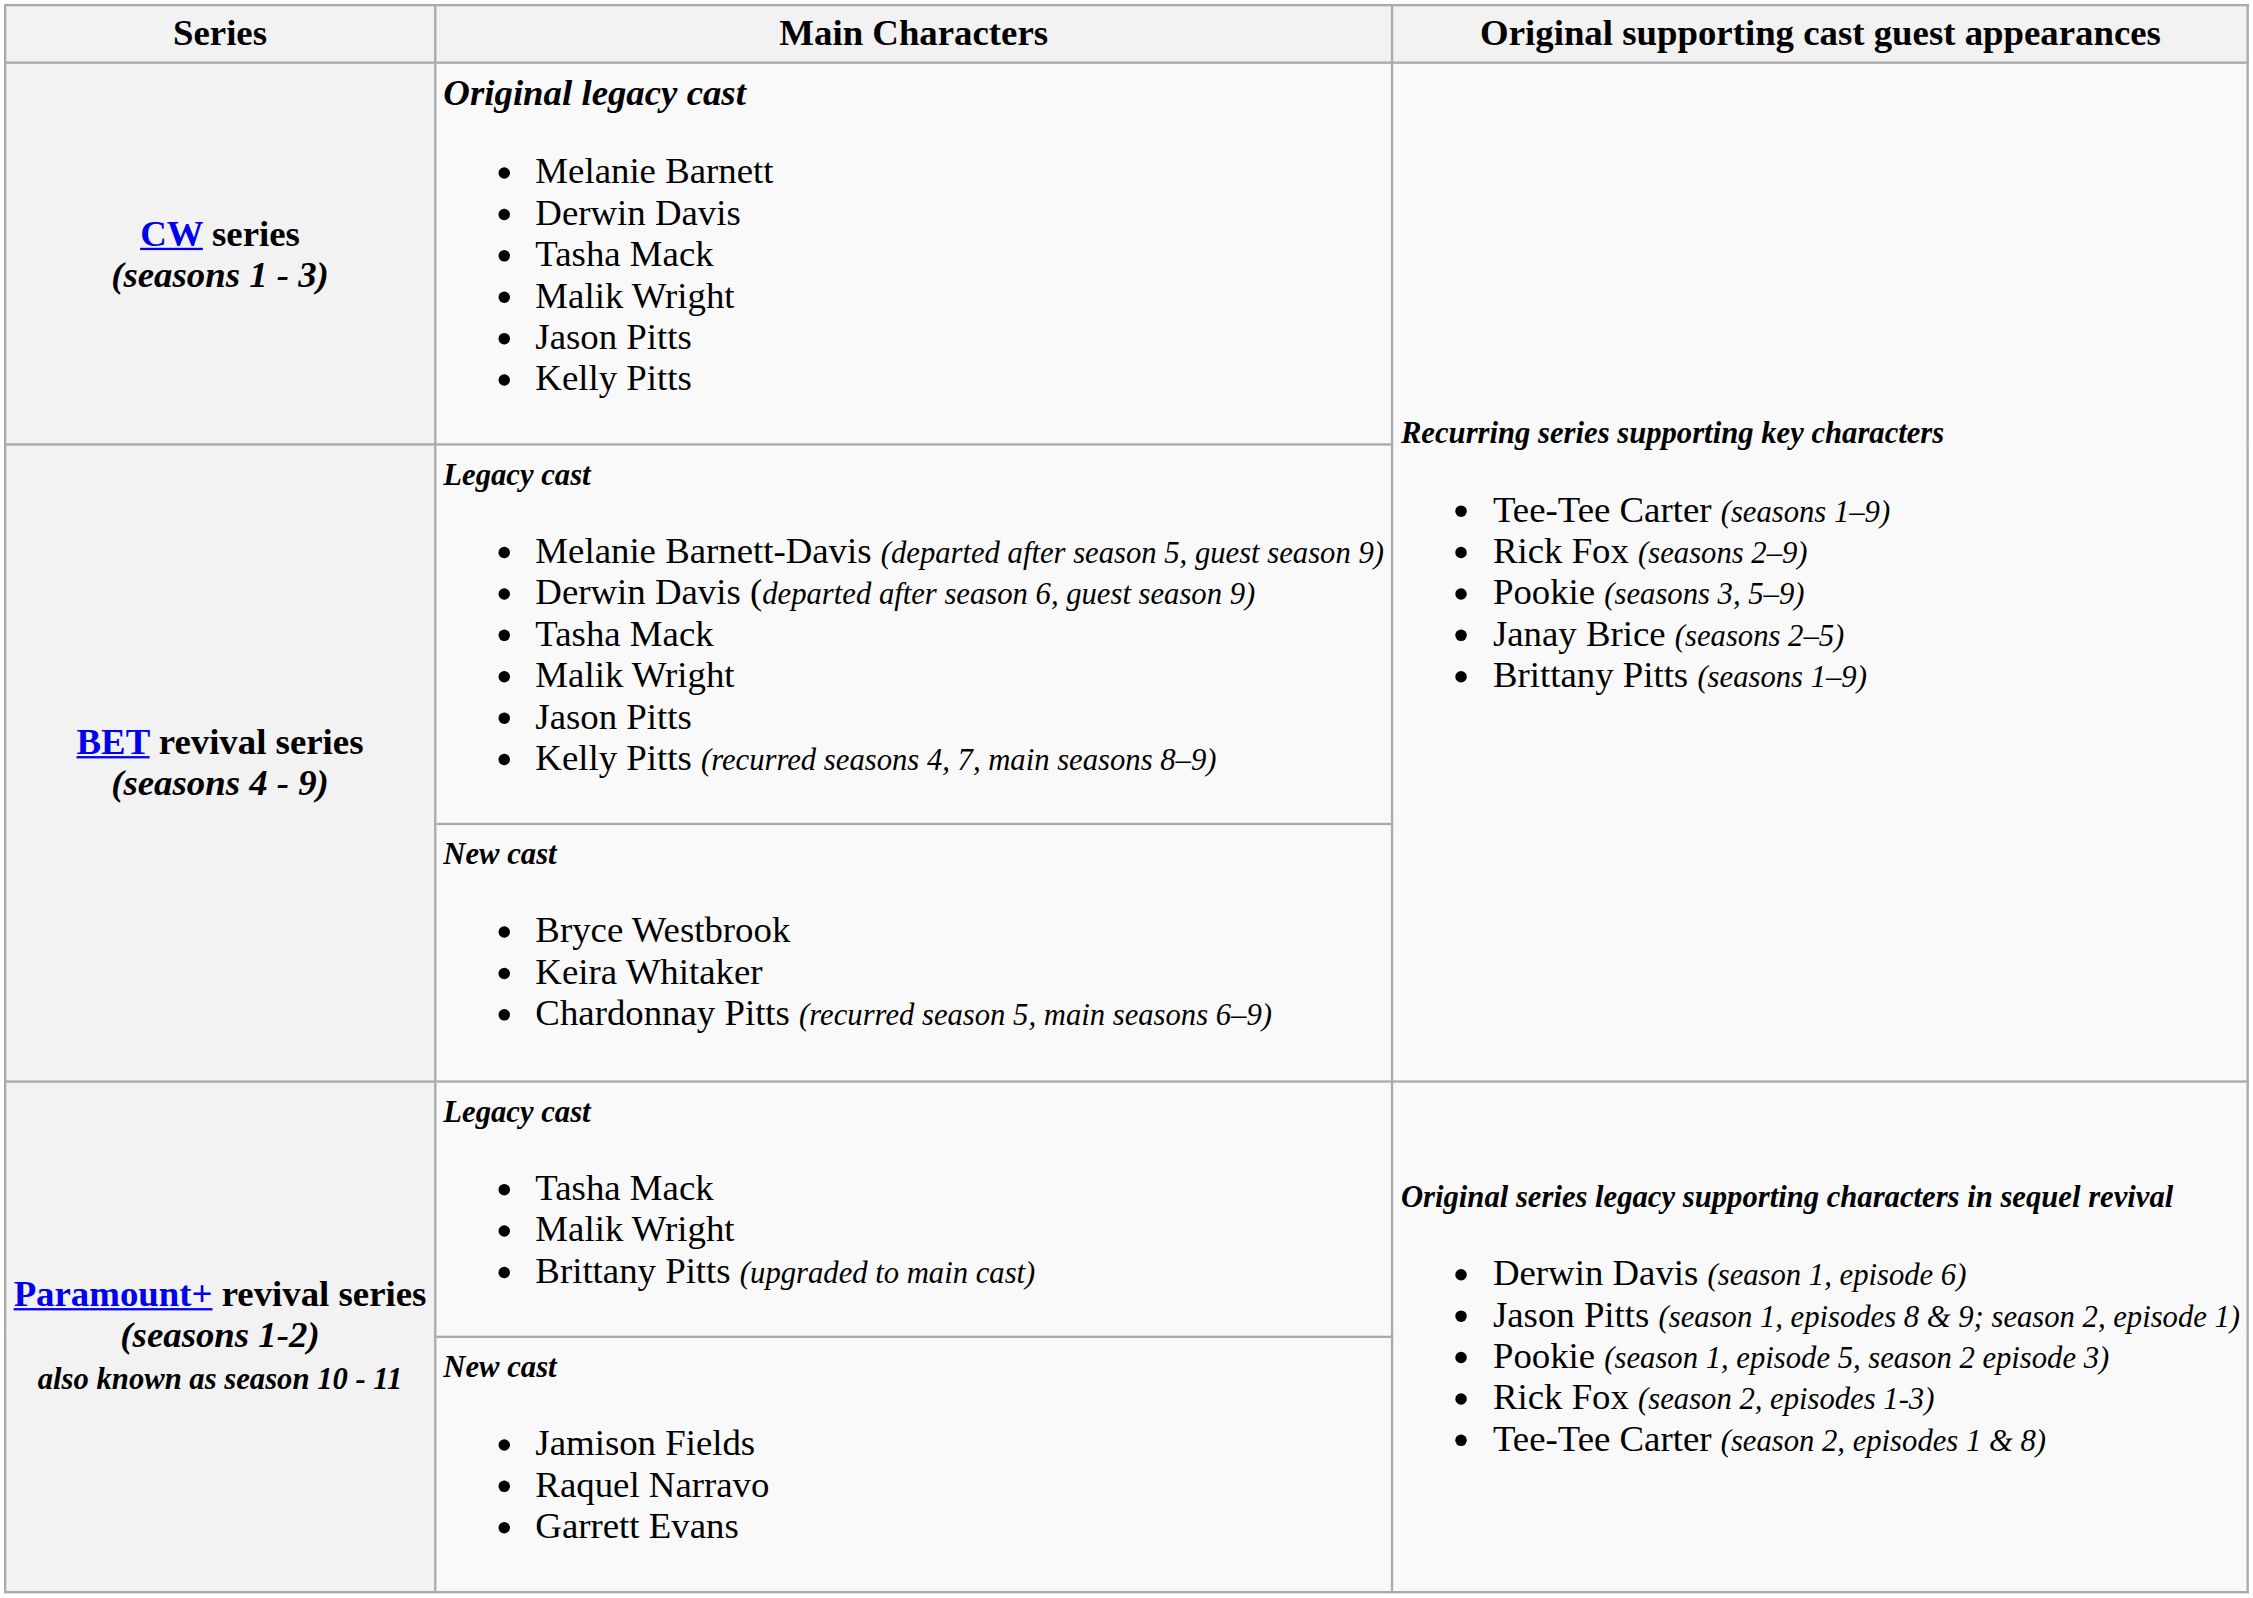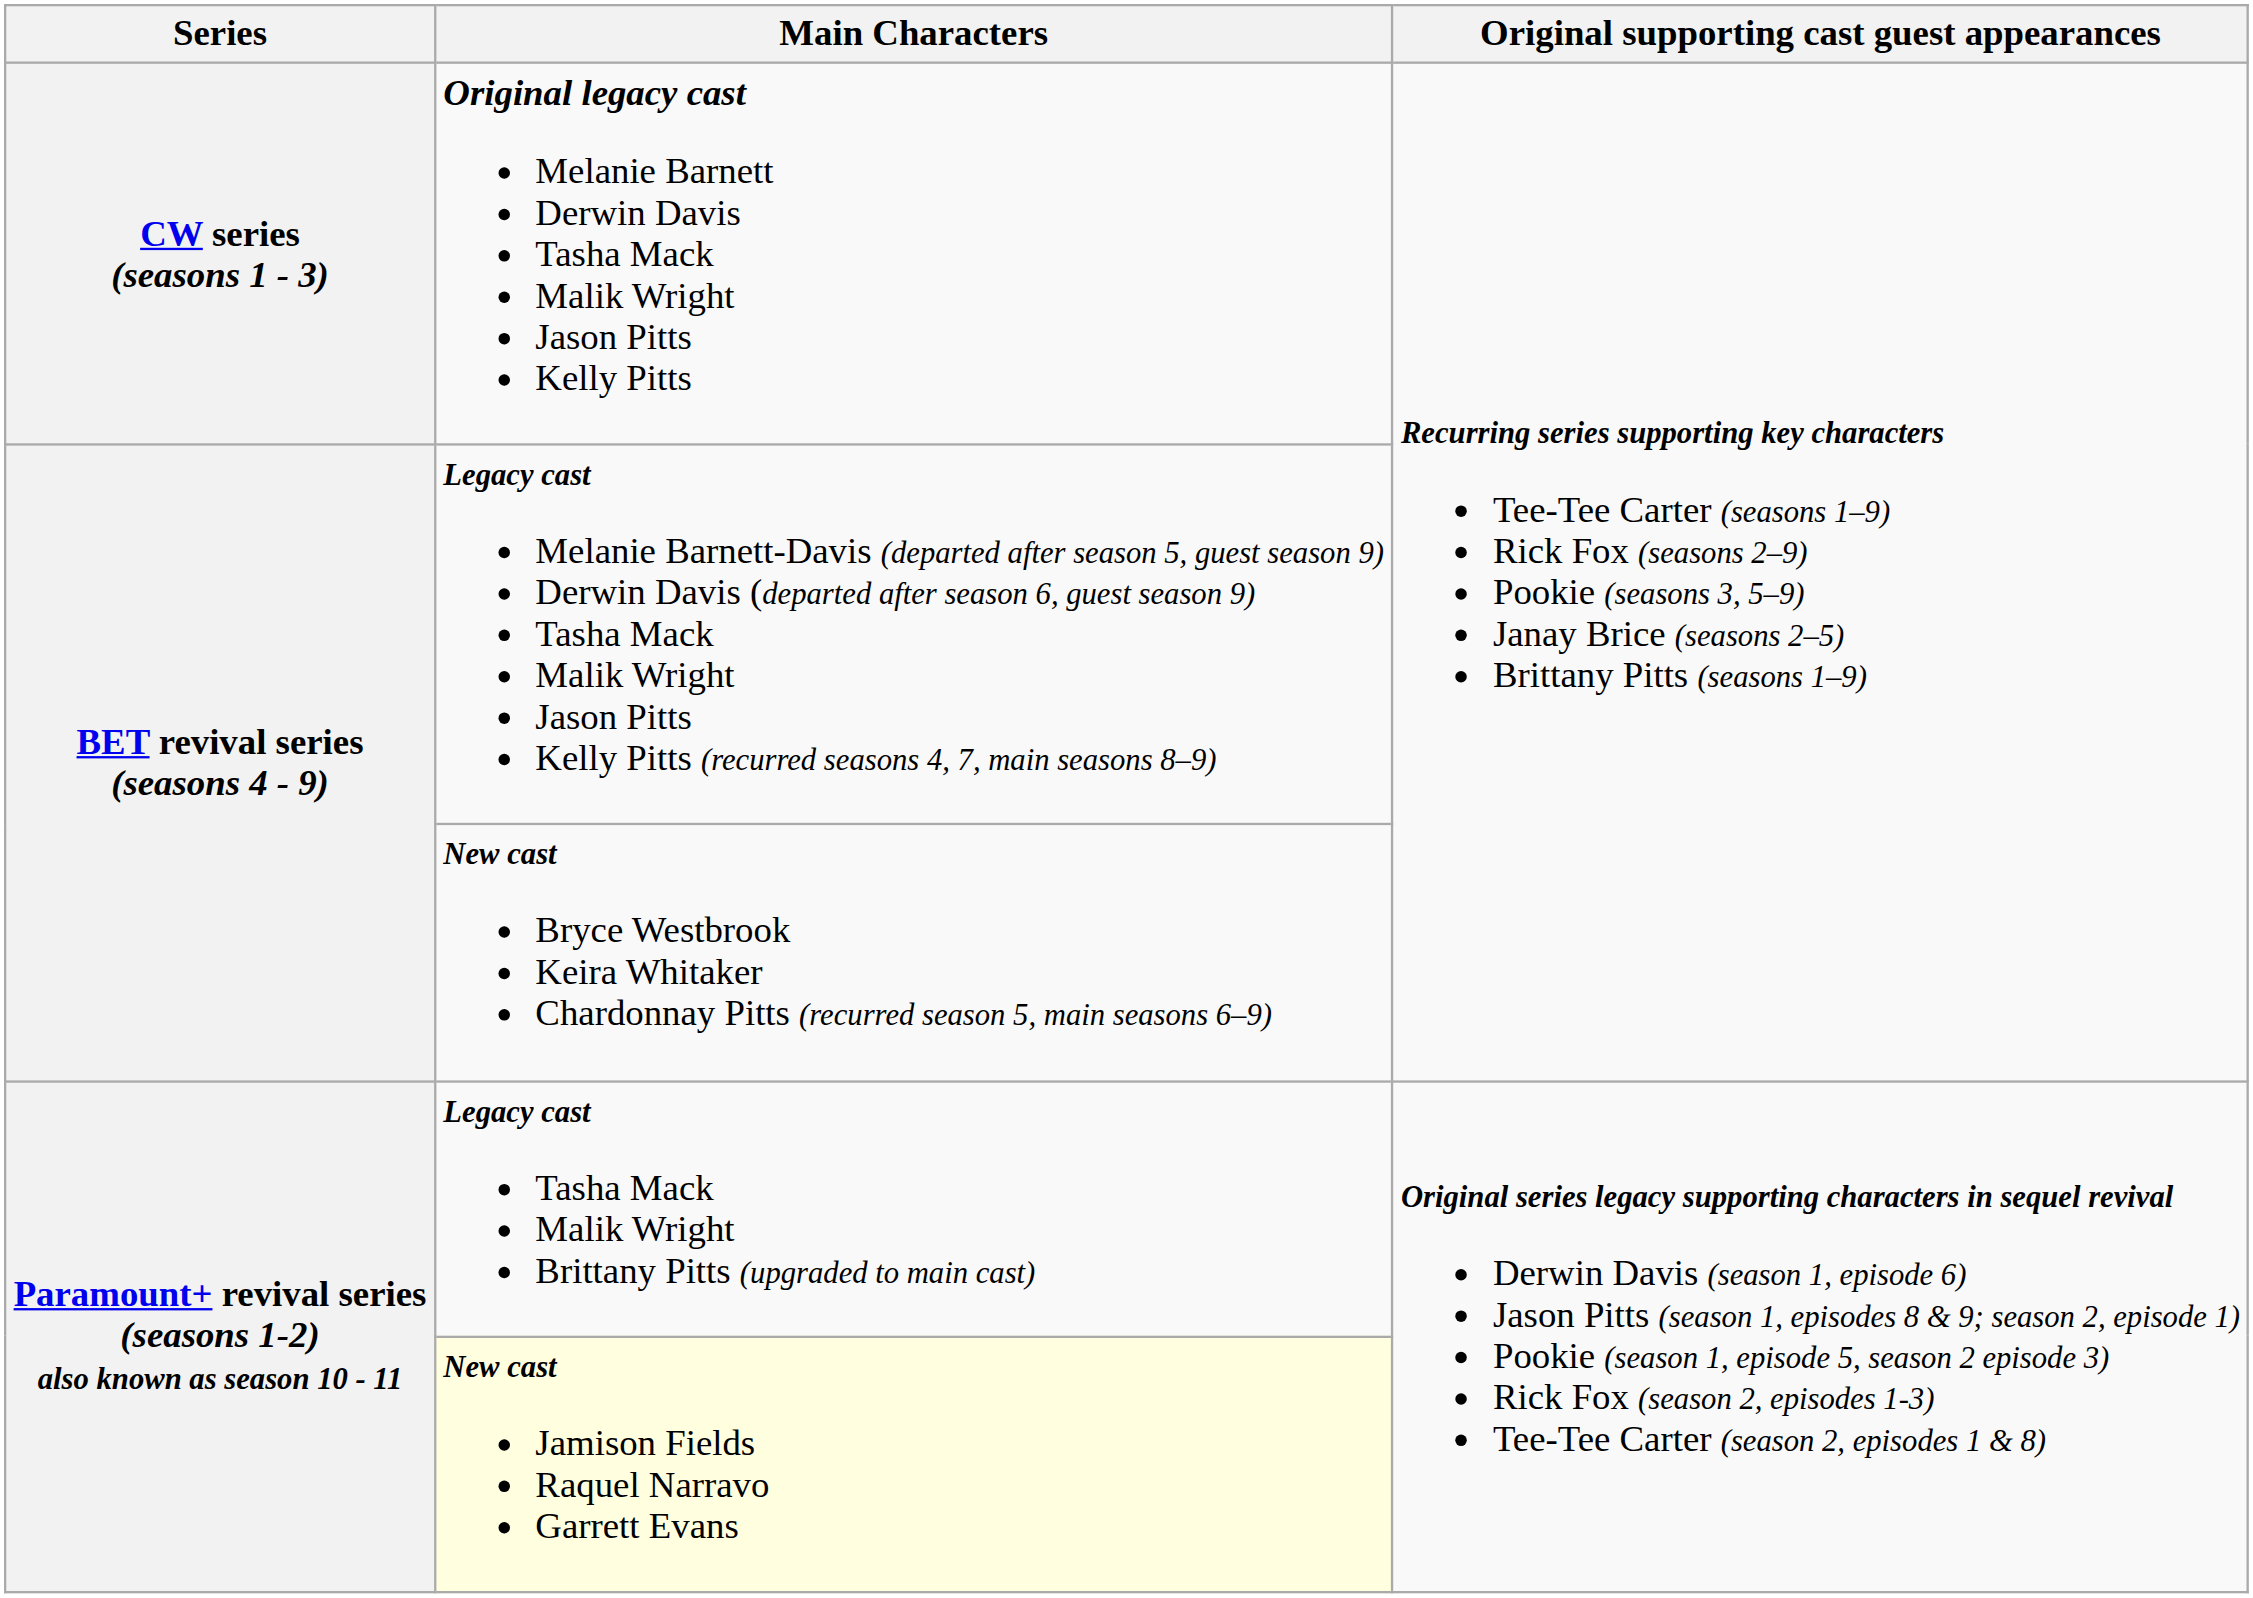 <table class="wikitable">
 <tr>
 <th>Series</th>
 <th>Main Characters</th>
 <th>Original supporting cast guest appearances</th>
 </tr>
 <tr>
 <th><a href='#'>CW</a> series<br><em>(seasons 1 - 3)</em></th>
 <td><strong><em>Original legacy cast</em></strong><br><ul><li>Melanie Barnett</li><li>Derwin Davis</li><li>Tasha Mack</li><li>Malik Wright</li><li>Jason Pitts</li><li>Kelly Pitts</li></ul></td>
 <td rowspan="3"><strong><em><small>Recurring series supporting key characters</small></em></strong><br><ul><li>Tee-Tee Carter <em><small>(seasons 1–9)</small></em></li><li>Rick Fox <em><small>(seasons 2–9)</small></em></li><li>Pookie <small><em>(seasons 3, 5–9)</em></small></li><li>Janay Brice <em><small>(seasons 2–5)</small></em></li><li>Brittany Pitts <em><small>(seasons 1–9)</small></em></li></ul></td>
 </tr>
 <tr>
 <th rowspan="2"><a href='#'>BET</a> revival series<br><em>(seasons 4 - 9)</em></th>
 <td><strong><em><small>Legacy cast</small></em></strong><br><ul><li>Melanie Barnett-Davis <small><em>(departed after season 5, guest season 9)</em></small></li><li>Derwin Davis (<em><small>departed after season 6, guest season 9)</small></em></li><li>Tasha Mack</li><li>Malik Wright</li><li>Jason Pitts</li><li>Kelly Pitts <em><small>(recurred seasons 4, 7, main seasons 8–9)</small></em></li></ul></td>
 </tr>
 <tr>
 <td><em><small><strong>New cast</strong></small></em><br><ul><li>Bryce Westbrook</li><li>Keira Whitaker</li><li>Chardonnay Pitts <small><em>(recurred season 5, main seasons 6–9)</em></small></li></ul></td>
 </tr>
 <tr>
 <th rowspan="2"><a href='#'>Paramount+</a> revival series<br><em>(seasons 1-2)</em><br><small><em>also known as season 10 - 11</em></small></th>
 <td><small><strong><em>Legacy cast</em></strong></small><br><ul><li>Tasha Mack</li><li>Malik Wright</li><li>Brittany Pitts <em><small>(upgraded to main cast)</small></em></li></ul></td>
 <td rowspan="2"><strong><em><small>Original series legacy supporting characters in sequel revival</small></em></strong><br><ul><li>Derwin Davis <em><small>(season 1, episode 6)</small></em></li><li>Jason Pitts <em><small>(season 1, episodes 8 & 9; season 2, episode 1)</small></em></li><li>Pookie <em><small>(season 1, episode 5, season 2 episode 3)</small></em></li><li>Rick Fox <em><small>(season 2, episodes 1-3)</small></em></li><li>Tee-Tee Carter <em><small>(season 2, episodes 1 & 8)</small></em></li></ul></td>
 </tr>
 <tr>
-<td><small><strong><em>New cast</em></strong></small><br><ul><li>Jamison Fields</li><li>Raquel Narravo</li><li>Garrett Evans</li></ul></td>
+<td style="background: lightyellow;"><small><strong><em>New cast</em></strong></small><br><ul><li>Jamison Fields</li><li>Raquel Narravo</li><li>Garrett Evans</li></ul></td>
 </tr>
 </table>
